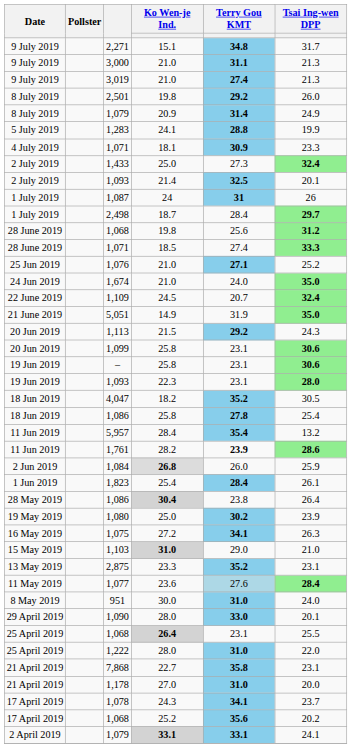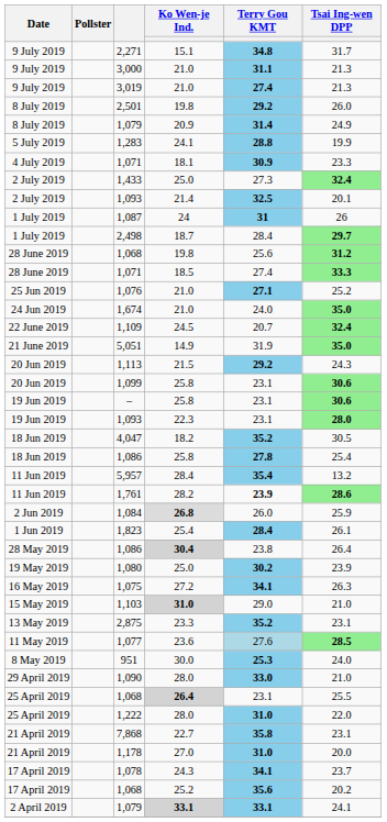 <table class="wikitable sortable collapsible" style="font-size:95%; text-align:center">
 <tr>
 <th rowspan=2>Date</th>
 <th rowspan=2>Pollster</th>
 <th rowspan=2></th>
 <th width=100px><a href='#'>Ko Wen-je</a><br><a href='#'>Ind.</a></th>
 <th width=100px><a href='#'>Terry Gou</a><br><a href='#'>KMT</a></th>
 <th width=100px><a href='#'>Tsai Ing-wen</a><br><a href='#'>DPP</a></th>
 </tr>
 <tr>
 <th style="background:"></th>
 <th style="background:"></th>
 <th style="background:"></th>
 </tr>
 <tr>
 <td>9 July 2019</td>
 <td></td>
 <td>2,271</td>
 <td>15.1</td>
 <td bgcolor="#87ceeb"><strong>34.8</strong></td>
 <td>31.7</td>
 </tr>
 <tr>
 <td>9 July 2019</td>
 <td></td>
 <td>3,000</td>
 <td>21.0</td>
 <td bgcolor="#87ceeb"><strong>31.1</strong></td>
 <td>21.3</td>
 </tr>
 <tr>
 <td>9 July 2019</td>
 <td></td>
 <td>3,019</td>
 <td>21.0</td>
 <td bgcolor="#87ceeb"><strong>27.4</strong></td>
 <td>21.3</td>
 </tr>
 <tr>
 <td>8 July 2019</td>
 <td></td>
 <td>2,501</td>
 <td>19.8</td>
 <td bgcolor="#87ceeb"><strong>29.2</strong></td>
 <td>26.0</td>
 </tr>
 <tr>
 <td>8 July 2019</td>
 <td></td>
 <td>1,079</td>
 <td>20.9</td>
 <td bgcolor="#87ceeb"><strong>31.4</strong></td>
 <td>24.9</td>
 </tr>
 <tr>
 <td>5 July 2019</td>
 <td></td>
 <td>1,283</td>
 <td>24.1</td>
 <td bgcolor="#87ceeb"><strong>28.8</strong></td>
 <td>19.9</td>
 </tr>
 <tr>
 <td>4 July 2019</td>
 <td></td>
 <td>1,071</td>
 <td>18.1</td>
 <td bgcolor="#87ceeb"><strong>30.9</strong></td>
 <td>23.3</td>
 </tr>
 <tr>
 <td>2 July 2019</td>
 <td></td>
 <td>1,433</td>
 <td>25.0</td>
 <td>27.3</td>
 <td bgcolor="#90ee90"><strong>32.4</strong></td>
 </tr>
 <tr>
 <td>2 July 2019</td>
 <td></td>
 <td>1,093</td>
 <td>21.4</td>
 <td bgcolor="#87ceeb"><strong>32.5</strong></td>
 <td>20.1</td>
 </tr>
 <tr>
 <td>1 July 2019</td>
 <td></td>
 <td>1,087</td>
 <td>24</td>
 <td bgcolor="#87ceeb"><strong>31</strong></td>
 <td>26</td>
 </tr>
 <tr>
 <td>1 July 2019</td>
 <td></td>
 <td>2,498</td>
 <td>18.7</td>
 <td>28.4</td>
 <td bgcolor="#90ee90"><strong>29.7</strong></td>
 </tr>
 <tr>
 <td>28 June 2019</td>
 <td></td>
 <td>1,068</td>
 <td>19.8</td>
 <td>25.6</td>
 <td bgcolor="#90ee90"><strong>31.2</strong></td>
 </tr>
 <tr>
 <td>28 June 2019</td>
 <td></td>
 <td>1,071</td>
 <td>18.5</td>
 <td>27.4</td>
 <td bgcolor="#90ee90"><strong>33.3</strong></td>
 </tr>
 <tr>
 <td>25 Jun 2019</td>
 <td></td>
 <td>1,076</td>
 <td>21.0</td>
 <td bgcolor="#87ceeb"><strong>27.1</strong></td>
 <td>25.2</td>
 </tr>
 <tr>
 <td>24 Jun 2019</td>
 <td></td>
 <td>1,674</td>
 <td>21.0</td>
 <td>24.0</td>
 <td bgcolor="#90ee90"><strong>35.0</strong></td>
 </tr>
 <tr>
 <td>22 June 2019</td>
 <td></td>
 <td>1,109</td>
 <td>24.5</td>
 <td>20.7</td>
 <td bgcolor="#90ee90"><strong>32.4</strong></td>
 </tr>
 <tr>
 <td>21 June 2019</td>
 <td></td>
 <td>5,051</td>
 <td>14.9</td>
 <td>31.9</td>
 <td bgcolor="#90ee90"><strong>35.0</strong></td>
 </tr>
 <tr>
 <td>20 Jun 2019</td>
 <td></td>
 <td>1,113</td>
 <td>21.5</td>
 <td bgcolor="#87ceeb"><strong>29.2</strong></td>
 <td>24.3</td>
 </tr>
 <tr>
 <td>20 Jun 2019</td>
 <td></td>
 <td>1,099</td>
 <td>25.8</td>
 <td>23.1</td>
 <td bgcolor="#90ee90"><strong>30.6</strong></td>
 </tr>
 <tr>
 <td>19 Jun 2019</td>
 <td></td>
 <td>–</td>
 <td>25.8</td>
 <td>23.1</td>
 <td bgcolor="#90ee90"><strong>30.6</strong></td>
 </tr>
 <tr>
 <td>19 Jun 2019</td>
 <td></td>
 <td>1,093</td>
 <td>22.3</td>
 <td>23.1</td>
 <td bgcolor="#90ee90"><strong>28.0</strong></td>
 </tr>
 <tr>
 <td>18 Jun 2019</td>
 <td></td>
 <td>4,047</td>
 <td>18.2</td>
 <td bgcolor="#87ceeb"><strong>35.2</strong></td>
 <td>30.5</td>
 </tr>
 <tr>
 <td>18 Jun 2019</td>
 <td></td>
 <td>1,086</td>
 <td>25.8</td>
 <td bgcolor="#87ceeb"><strong>27.8</strong></td>
 <td>25.4</td>
 </tr>
 <tr>
 <td>11 Jun 2019</td>
 <td></td>
 <td>5,957</td>
 <td>28.4</td>
 <td bgcolor="#87ceeb"><strong>35.4</strong></td>
 <td>13.2</td>
 </tr>
 <tr>
 <td>11 Jun 2019</td>
 <td></td>
 <td>1,761</td>
 <td>28.2</td>
 <td><strong>23.9</strong></td>
 <td bgcolor="#90ee90"><strong>28.6</strong></td>
 </tr>
 <tr>
 <td>2 Jun 2019</td>
 <td></td>
 <td>1,084</td>
 <td bgcolor="#dcdcdc"><strong>26.8</strong></td>
 <td>26.0</td>
 <td>25.9</td>
 </tr>
 <tr>
 <td>1 Jun 2019</td>
 <td></td>
 <td>1,823</td>
 <td>25.4</td>
 <td style="background-color:skyblue;"><strong>28.4</strong></td>
 <td>26.1</td>
 </tr>
 <tr>
 <td>28 May 2019</td>
 <td></td>
 <td>1,086</td>
 <td style="background-color:lightgrey;"><strong> 30.4</strong></td>
 <td>23.8</td>
 <td>26.4</td>
 </tr>
 <tr>
 <td>19 May 2019</td>
 <td></td>
 <td>1,080</td>
 <td>25.0</td>
 <td style="background-color:skyblue;"><strong>30.2</strong></td>
 <td>23.9</td>
 </tr>
 <tr>
 <td>16 May 2019</td>
 <td></td>
 <td>1,075</td>
 <td>27.2</td>
 <td style="background-color:skyblue;"><strong>34.1</strong></td>
 <td>26.3</td>
 </tr>
 <tr>
 <td>15 May 2019</td>
 <td></td>
 <td>1,103</td>
 <td style="background-color:lightgrey;"><strong> 31.0</strong></td>
 <td>29.0</td>
 <td>21.0</td>
 </tr>
 <tr>
 <td>13 May 2019</td>
 <td></td>
 <td>2,875</td>
 <td>23.3</td>
 <td style="background-color:skyblue;"><strong>35.2</strong></td>
 <td>23.1</td>
 </tr>
 <tr>
 <td>11 May 2019</td>
 <td></td>
 <td>1,077</td>
 <td>23.6</td>
 <td style="background: lightblue;">27.6</td>
-<td style="background-color:lightgreen;"><strong>28.4</strong></td>
+<td style="background-color:lightgreen;"><strong>28.5</strong></td>
 </tr>
 <tr>
 <td>8 May 2019</td>
 <td></td>
 <td>951</td>
 <td>30.0</td>
-<td style="background-color:skyblue;"><strong>31.0</strong></td>
+<td style="background-color:skyblue;"><strong>25.3</strong></td>
 <td>24.0</td>
 </tr>
 <tr>
 <td>29 April 2019</td>
 <td></td>
 <td>1,090</td>
 <td>28.0</td>
 <td style="background-color:skyblue;"><strong>33.0</strong></td>
-<td>20.1</td>
+<td>21.0</td>
 </tr>
 <tr>
 <td>25 April 2019</td>
 <td></td>
 <td>1,068</td>
 <td style="background-color:lightgrey;"><strong>26.4</strong></td>
 <td>23.1</td>
 <td>25.5</td>
 </tr>
 <tr>
 <td>25 April 2019</td>
 <td></td>
 <td>1,222</td>
 <td>28.0</td>
 <td style="background-color:skyblue;"><strong>31.0</strong></td>
 <td>22.0</td>
 </tr>
 <tr>
 <td>21 April 2019</td>
 <td></td>
 <td>7,868</td>
 <td>22.7</td>
 <td style="background-color:skyblue;"><strong>35.8</strong></td>
 <td>23.1</td>
 </tr>
 <tr>
 <td>21 April 2019</td>
 <td></td>
 <td>1,178</td>
 <td>27.0</td>
 <td style="background-color:skyblue;"><strong>31.0</strong></td>
 <td>20.0</td>
 </tr>
 <tr>
 <td>17 April 2019</td>
 <td></td>
 <td>1,078</td>
 <td>24.3</td>
 <td style="background-color:skyblue;"><strong>34.1</strong></td>
 <td>23.7</td>
 </tr>
 <tr>
 <td>17 April 2019</td>
 <td></td>
 <td>1,068</td>
 <td>25.2</td>
 <td style="background-color:skyblue;"><strong>35.6</strong></td>
 <td>20.2</td>
 </tr>
 <tr>
 <td>2 April 2019</td>
 <td></td>
 <td>1,079</td>
 <td style="background-color:lightgrey;"><strong>33.1</strong></td>
 <td style="background-color:skyblue;"><strong>33.1</strong></td>
 <td>24.1</td>
 </tr>
 <tr>
 </tr>
 </table>
